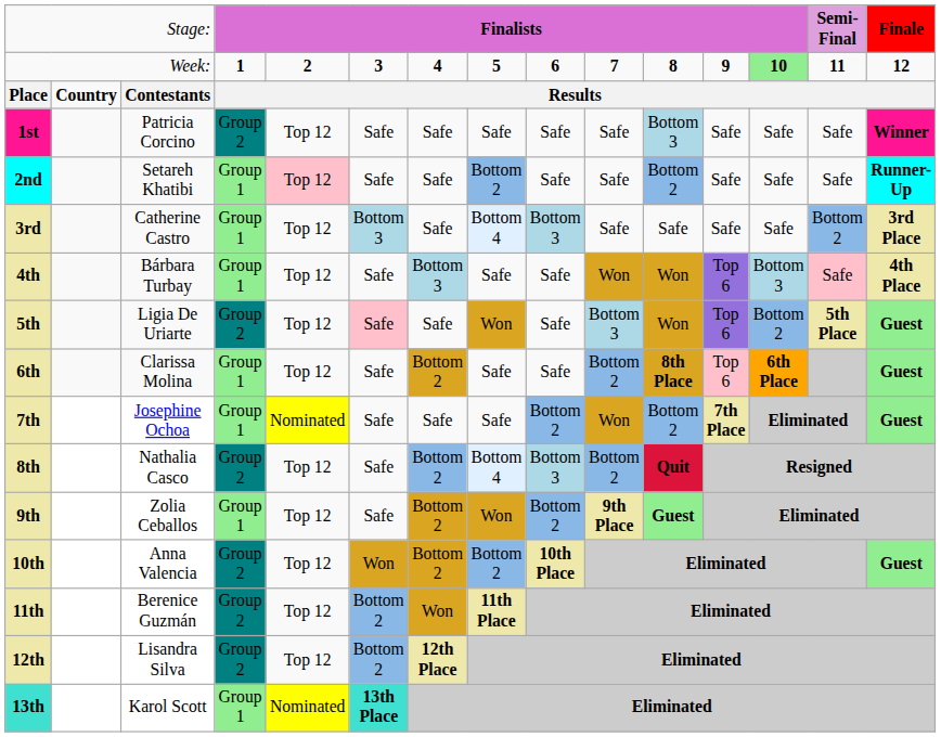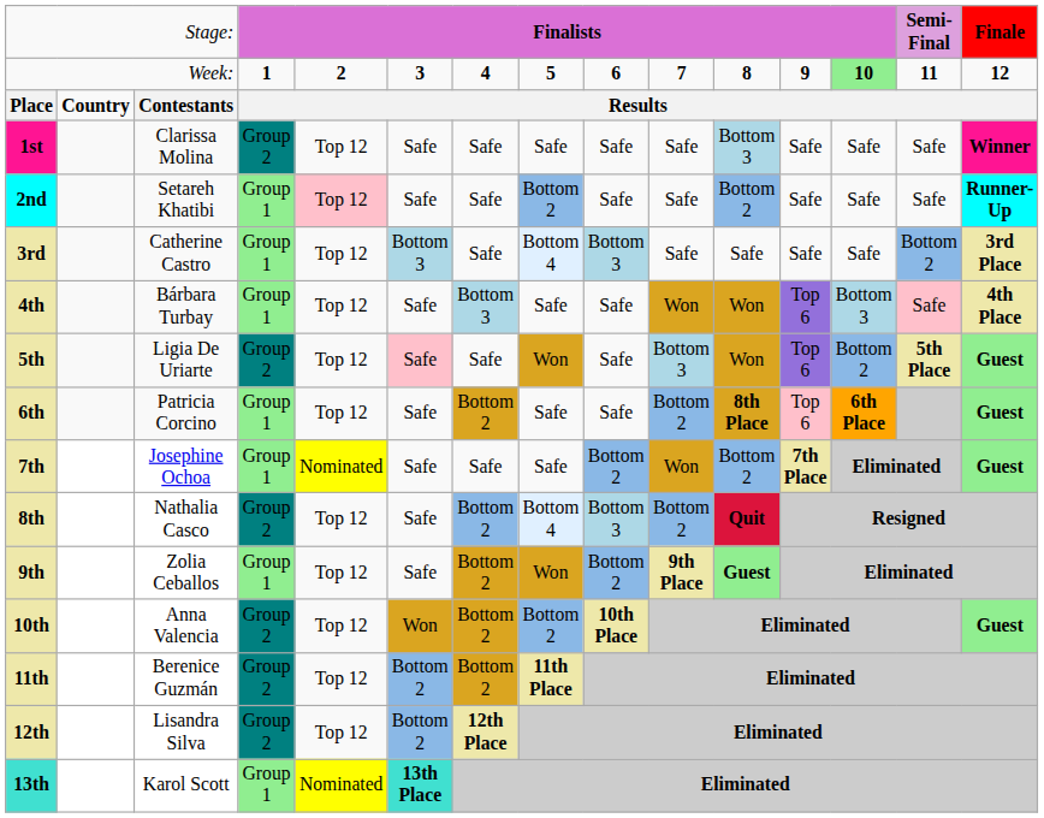 <table class="wikitable" style="text-align:center;  font-size:85%">
 <tr>
 <td colspan="3" style="text-align:right;"><em>Stage:</em></td>
 <td colspan="10" style="background:orchid; text-align:Center;"><strong>Finalists</strong></td>
 <td style="background:plum; text-align:Center;"><strong>Semi-Final</strong></td>
 <td style="background:Red; text-align:Center;"><strong>Finale</strong></td>
 </tr>
 <tr>
 <td colspan="3" style="text-align:right;"><em>Week:</em></td>
 <td style="text-align:center; width:7%;"><strong>1</strong></td>
 <td style="text-align:center; width:7%;"><strong>2</strong></td>
 <td style="text-align:center; width:7%;"><strong>3 </strong></td>
 <td style="text-align:center; width:7%;"><strong>4</strong></td>
 <td style="text-align:center; width:7%;"><strong>5</strong></td>
 <td style="text-align:center; width:6%;"><strong>6</strong></td>
 <td style="text-align:center; width:6%;"><strong>7</strong></td>
 <td style="text-align:center; width:6%;"><strong>8</strong></td>
 <td style="text-align:center; width:6%;"><strong>9</strong></td>
 <td style="background: lightgreen; text-align:center; width:7%;"><strong>10</strong></td>
 <td style="text-align:center; width:6%;"><strong>11</strong></td>
 <td style="text-align:center; width:7%;"><strong>12</strong></td>
 </tr>
 <tr>
 <th style="text-align:center; width:2%;">Place</th>
 <td style="text-align:center; width:2%;"><strong>Country</strong></td>
 <th style="text-align:center; width:12.5%;">Contestants</th>
 <th colspan="13" style="text-align:center;">Results</th>
 </tr>
 <tr>
 <td style="text-align:center; background:deeppink;"><strong>1st</strong></td>
 <td></td>
-<td>Patricia Corcino</td>
+<td>Clarissa Molina</td>
 <td style="background:teal;"><span>Group 2</span></td>
 <td>Top 12</td>
 <td>Safe</td>
 <td>Safe</td>
 <td>Safe</td>
 <td>Safe</td>
 <td>Safe</td>
 <td style="background:lightblue; text-align:center;">Bottom 3</td>
 <td>Safe</td>
 <td>Safe</td>
 <td>Safe</td>
 <td style="text-align:center; background:deeppink;"><strong>Winner</strong></td>
 </tr>
 <tr>
 <td style="text-align:center; background:cyan;"><strong>2nd</strong></td>
 <td></td>
 <td>Setareh Khatibi</td>
 <td style="background:lightgreen;"><span>Group 1</span></td>
 <td style="background:pink; width;">Top 12</td>
 <td>Safe</td>
 <td>Safe</td>
 <td style="background:#8ab8e6; text-align:center;">Bottom 2</td>
 <td>Safe</td>
 <td>Safe</td>
 <td style="background:#8ab8e6; text-align:center;">Bottom 2</td>
 <td>Safe</td>
 <td>Safe</td>
 <td>Safe</td>
 <td style="text-align:center; background:cyan;"><strong>Runner-Up</strong></td>
 </tr>
 <tr>
 <td style="text-align:center; background:palegoldenrod;"><strong>3rd</strong></td>
 <td></td>
 <td>Catherine Castro</td>
 <td style="background:lightgreen;"><span>Group 1</span></td>
 <td>Top 12</td>
 <td style="background:lightblue; text-align:center;">Bottom 3</td>
 <td>Safe</td>
 <td style="background:#e0f0ff; text-align:center;">Bottom 4</td>
 <td style="background:lightblue; text-align:center;">Bottom 3</td>
 <td>Safe</td>
 <td>Safe</td>
 <td>Safe</td>
 <td>Safe</td>
 <td style="background:#8ab8e6; text-align:center;">Bottom 2</td>
 <td style="text-align:center; background:palegoldenrod;"><strong>3rd Place</strong></td>
 </tr>
 <tr>
 <td style="text-align:center; background:palegoldenrod;"><strong>4th</strong></td>
 <td></td>
 <td>Bárbara Turbay</td>
 <td style="background:lightgreen;"><span>Group 1</span></td>
 <td>Top 12</td>
 <td>Safe</td>
 <td style="background:lightblue; text-align:center;">Bottom 3</td>
 <td>Safe</td>
 <td>Safe</td>
 <td style="background:goldenrod; text-align:center;">Won</td>
 <td style="background:goldenrod; text-align:center;">Won</td>
 <td style="background:mediumpurple; text-align:center;">Top 6</td>
 <td style="background:lightblue; text-align:center;">Bottom 3</td>
 <td style="background:pink; width;">Safe</td>
 <td style="text-align:center; background:palegoldenrod;"><strong>4th Place</strong></td>
 </tr>
 <tr>
 <td style="text-align:center; background:palegoldenrod;"><strong>5th</strong></td>
 <td></td>
 <td>Ligia De Uriarte</td>
 <td style="background:teal;"><span>Group 2</span></td>
 <td>Top 12</td>
 <td style="background:pink;">Safe</td>
 <td>Safe</td>
 <td style="background:goldenrod; text-align:center;">Won</td>
 <td>Safe</td>
 <td style="background:lightblue; text-align:center;">Bottom 3</td>
 <td style="background:goldenrod; text-align:center;">Won</td>
 <td style="background:mediumpurple; text-align:center;">Top 6</td>
 <td style="background:#8ab8e6; text-align:center;">Bottom 2</td>
 <td style="text-align:center; background:palegoldenrod"><strong>5th Place</strong></td>
 <td style="background:lightgreen; text-align:center;"><strong>Guest</strong></td>
 </tr>
 <tr>
 <td style="text-align:center; background:palegoldenrod;"><strong>6th</strong></td>
 <td></td>
-<td>Clarissa Molina</td>
+<td>Patricia Corcino</td>
 <td style="background:lightgreen;"><span>Group 1</span></td>
 <td>Top 12</td>
 <td>Safe</td>
 <td style="background:goldenrod; text-align:center;">Bottom 2</td>
 <td>Safe</td>
 <td>Safe</td>
 <td style="background:#8ab8e6; text-align:center;">Bottom 2</td>
 <td style="background:goldenrod; text-align:Center;"><strong>8th Place</strong></td>
 <td style="background:pink; text-align:center;">Top 6</td>
 <td style="background:orange; text-align:Center;"><strong>6th Place</strong></td>
 <td colspan="1" style="background:#ccc; text-align:center;"></td>
 <td style="background:lightgreen; text-align:center;"><strong>Guest</strong></td>
 </tr>
 <tr>
 <td style="text-align:center; background:palegoldenrod;"><strong>7th</strong></td>
 <td style="background:white; text-align:center;"></td>
 <td style="background:white; text-align:center;"><a href='#'>Josephine Ochoa</a></td>
 <td style="background:lightgreen;"><span>Group 1</span></td>
 <td style="text-align:center; background:yellow;">Nominated</td>
 <td>Safe</td>
 <td>Safe</td>
 <td>Safe</td>
 <td style="background:#8ab8e6; text-align:center;">Bottom 2</td>
 <td style="background:goldenrod; text-align:center;">Won</td>
 <td style="background:#8ab8e6; text-align:center;">Bottom 2</td>
 <td style="background:palegoldenrod; text-align:Center;"><strong>7th Place</strong></td>
 <td colspan="2" style="background:#ccc; text-align:center;"><strong>Eliminated</strong></td>
 <td style="background:lightgreen; text-align:center;"><strong>Guest</strong></td>
 </tr>
 <tr>
 <td style="text-align:center; background:palegoldenrod;"><strong>8th</strong></td>
 <td style="background:white; text-align:center;"></td>
 <td style="background:white; text-align:center;">Nathalia Casco</td>
 <td style="background:teal;"><span>Group 2</span></td>
 <td>Top 12</td>
 <td>Safe</td>
 <td style="background:#8ab8e6; text-align:center;">Bottom 2</td>
 <td style="background:#e0f0ff; text-align:center;">Bottom 4</td>
 <td style="background:lightblue; text-align:center;">Bottom 3</td>
 <td style="background:#8ab8e6; text-align:center;">Bottom 2</td>
 <td style="background:crimson; text-align:Center;"><strong>Quit</strong></td>
 <td colspan="9" style="background:#ccc; text-align:center;"><strong>Resigned</strong></td>
 </tr>
 <tr>
 <td style="text-align:center; background:palegoldenrod;"><strong>9th</strong></td>
 <td style="background:white; text-align:center;"></td>
 <td style="background:white; text-align:center;">Zolia Ceballos</td>
 <td style="background:lightgreen;"><span>Group 1</span></td>
 <td>Top 12</td>
 <td>Safe</td>
 <td style="background:goldenrod; text-align:center;">Bottom 2</td>
 <td style="background:goldenrod; text-align:center;">Won</td>
 <td style="background:#8ab8e6; text-align:center;">Bottom 2</td>
 <td style="text-align:center; background:palegoldenrod;"><strong>9th Place</strong></td>
 <td style="background:lightgreen; text-align:center;"><strong>Guest</strong></td>
 <td colspan="8" style="background:#ccc; text-align:center;"><strong>Eliminated</strong></td>
 </tr>
 <tr>
 <td style="text-align:center; background:palegoldenrod;"><strong>10th</strong></td>
 <td style="background:white; text-align:center;"></td>
 <td style="background:white; text-align:center;">Anna Valencia</td>
 <td style="background:teal;"><span>Group 2</span></td>
 <td>Top 12</td>
 <td style="background:goldenrod; text-align:center;">Won</td>
 <td style="background:goldenrod; text-align:center;">Bottom 2</td>
 <td style="background:#8ab8e6; text-align:center;">Bottom 2</td>
 <td style="background:palegoldenrod; text-align:Center;"><strong>10th Place</strong></td>
 <td colspan="5" style="background:#ccc; text-align:center;"><strong>Eliminated</strong></td>
 <td style="background:lightgreen; text-align:center;"><strong>Guest</strong></td>
 </tr>
 <tr>
 <td style="text-align:center; background:palegoldenrod;"><strong>11th</strong></td>
 <td style="background:white; text-align:center;"></td>
 <td style="background:white; text-align:center;">Berenice Guzmán</td>
 <td style="background:teal;"><span>Group 2</span></td>
 <td>Top 12</td>
 <td style="background:#8ab8e6; text-align:center;">Bottom 2</td>
-<td style="background:goldenrod; text-align:center;">Won</td>
+<td style="background:goldenrod; text-align:center;">Bottom 2</td>
 <td style="background:palegoldenrod; text-align:Center;"><strong>11th Place</strong></td>
 <td colspan="11" style="background:#ccc; text-align:center;"><strong>Eliminated</strong></td>
 </tr>
 <tr>
 <td style="text-align:center; background:palegoldenrod;"><strong>12th</strong></td>
 <td style="background:white; text-align:center;"></td>
 <td style="background:white; text-align:center;">Lisandra Silva</td>
 <td style="background:teal;"><span>Group 2</span></td>
 <td>Top 12</td>
 <td style="background:#8ab8e6; text-align:center;">Bottom 2</td>
 <td style="background:palegoldenrod; text-align:Center;"><strong>12th Place</strong></td>
 <td colspan="12" style="background:#ccc; text-align:center;"><strong>Eliminated</strong></td>
 </tr>
 <tr>
 <td style="text-align:center; background:turquoise;"><strong>13th</strong></td>
 <td style="background:white; text-align:center;"></td>
 <td style="background:white; text-align:center;">Karol Scott</td>
 <td style="background:lightgreen;"><span>Group 1</span></td>
 <td style="text-align:center; background:yellow;">Nominated</td>
 <td style="background:turquoise; text-align:Center;"><strong>13th Place</strong></td>
 <td colspan="12" style="background:#ccc; text-align:center;"><strong>Eliminated</strong></td>
 </tr>
 </table>
